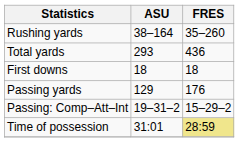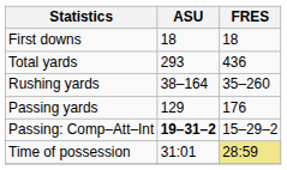 <table class="wikitable" style="float: left;">
 <tr>
 <th>Statistics</th>
 <th>ASU</th>
 <th>FRES</th>
 </tr>
 <tr>
-<td>Rushing yards</td>
-<td>38–164</td>
-<td>35–260</td>
+<td>First downs</td>
+<td>18</td>
+<td>18</td>
 </tr>
 <tr>
 <td>Total yards</td>
 <td>293</td>
 <td>436</td>
 </tr>
 <tr>
-<td>First downs</td>
-<td>18</td>
-<td>18</td>
+<td>Rushing yards</td>
+<td>38–164</td>
+<td>35–260</td>
 </tr>
 <tr>
 <td>Passing yards</td>
 <td>129</td>
 <td>176</td>
 </tr>
 <tr>
 <td>Passing: Comp–Att–Int</td>
-<td>19–31–2</td>
+<td><strong>19–31–2</strong></td>
 <td>15–29–2</td>
 </tr>
 <tr>
 <td>Time of possession</td>
 <td>31:01</td>
 <td style="background: khaki;">28:59</td>
 </tr>
 <tr>
 </tr>
 </table>
